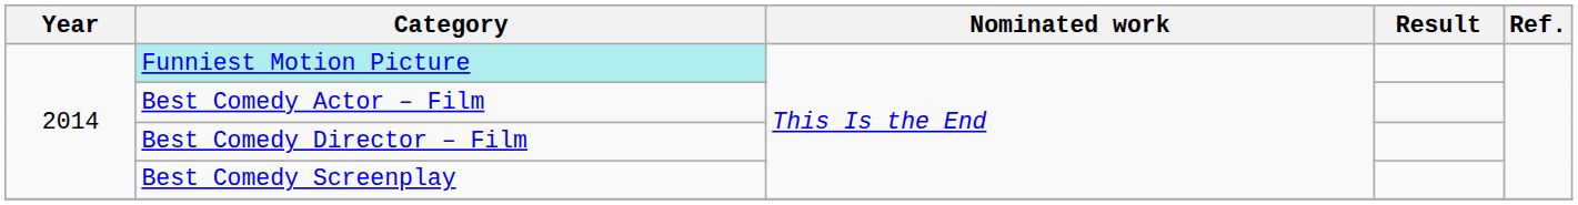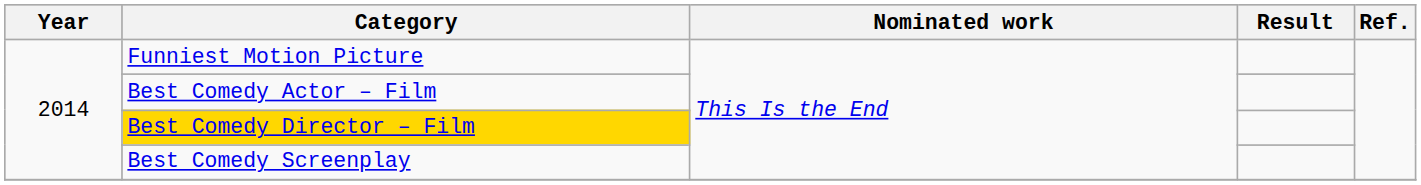 <table class=wikitable>
 <tr>
 <th scope="col" style="width:5em;">Year</th>
 <th scope="col" style="width:26em;">Category</th>
 <th scope="col" style="width:25em;">Nominated work</th>
 <th scope="col" style="width:5em;">Result</th>
 <th>Ref.</th>
 </tr>
 <tr>
 <td style="text-align:center;", rowspan=4>2014</td>
-<td style="background: paleturquoise;"><a href='#'>Funniest Motion Picture</a></td>
+<td><a href='#'>Funniest Motion Picture</a></td>
 <td rowspan=4><em><a href='#'>This Is the End</a></em></td>
 <td></td>
 <td rowspan=4 align="center"></td>
 </tr>
 <tr>
 <td><a href='#'>Best Comedy Actor – Film</a></td>
 <td></td>
 </tr>
 <tr>
-<td><a href='#'>Best Comedy Director – Film</a></td>
+<td style="background: gold;"><a href='#'>Best Comedy Director – Film</a></td>
 <td></td>
 </tr>
 <tr>
 <td><a href='#'>Best Comedy Screenplay</a></td>
 <td></td>
 </tr>
 <tr>
 </tr>
 </table>
